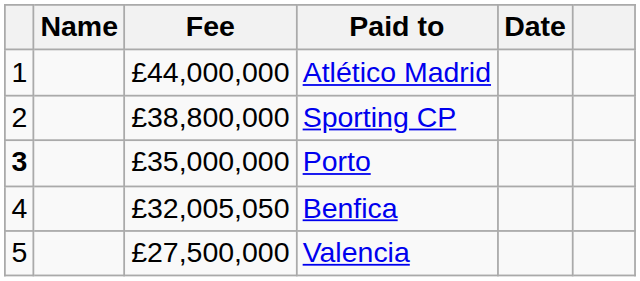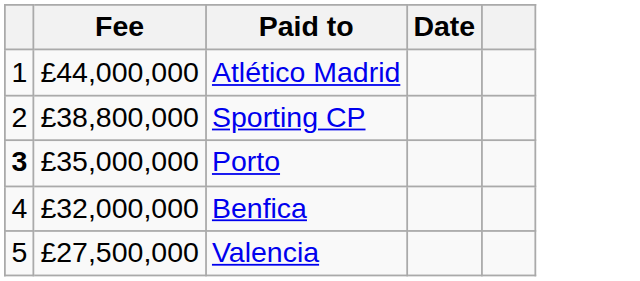 <table class="wikitable">
 <tr>
 <th scope="col"></th>
-<th scope="col">Name</th>
 <th scope="col">Fee</th>
 <th scope="col">Paid to</th>
 <th scope="col">Date</th>
 <th scope="col" style="width:10%;" class="unsortable"></th>
 </tr>
 <tr>
 <td style="text-align:center;">1</td>
-<td scope="row"> </td>
 <td>£44,000,000</td>
 <td> <a href='#'>Atlético Madrid</a></td>
 <td></td>
 <td align=center></td>
 </tr>
 <tr>
 <td style="text-align:center;">2</td>
-<td scope="row"> </td>
 <td>£38,800,000</td>
 <td> <a href='#'>Sporting CP</a></td>
 <td></td>
 <td align=center></td>
 </tr>
 <tr>
 <td style="text-align:center;"><strong>3</strong></td>
-<td scope="row"> </td>
 <td>£35,000,000</td>
 <td> <a href='#'>Porto</a></td>
 <td></td>
 <td align=center></td>
 </tr>
 <tr>
 <td style="text-align:center;">4</td>
-<td scope="row"> </td>
-<td>£32,005,050</td>
+<td>£32,000,000</td>
 <td> <a href='#'>Benfica</a></td>
 <td></td>
 <td align=center></td>
 </tr>
 <tr>
 <td style="text-align:center;">5</td>
-<td scope="row"> </td>
 <td>£27,500,000</td>
 <td> <a href='#'>Valencia</a></td>
 <td></td>
 <td align=center></td>
 </tr>
 </table>
